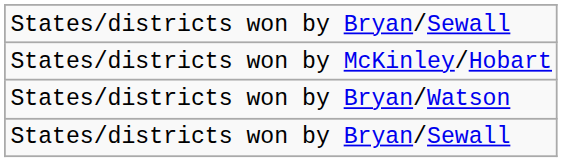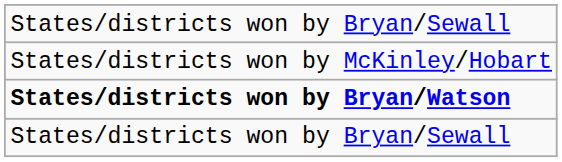 <table class="wikitable">
 <tr>
 <td>States/districts won by <a href='#'>Bryan</a>/<a href='#'>Sewall</a></td>
 </tr>
 <tr>
 <td>States/districts won by <a href='#'>McKinley</a>/<a href='#'>Hobart</a></td>
 </tr>
 <tr>
-<td>States/districts won by <a href='#'>Bryan</a>/<a href='#'>Watson</a></td>
+<td><strong>States/districts won by <a href='#'>Bryan</a>/<a href='#'>Watson</a></strong></td>
 </tr>
 <tr>
 <td>States/districts won by <a href='#'>Bryan</a>/<a href='#'>Sewall</a></td>
 </tr>
 </table>
